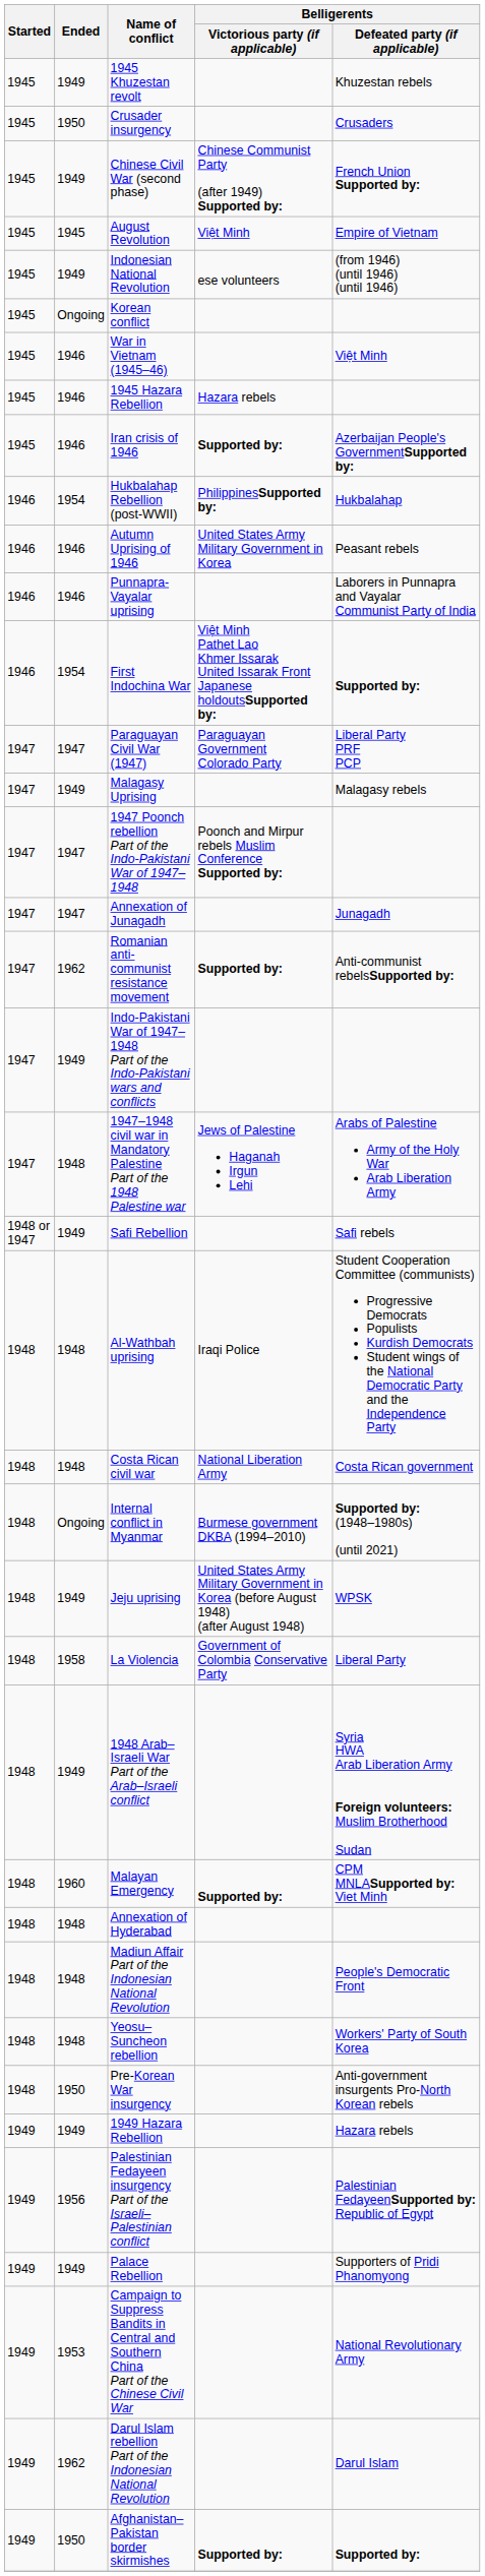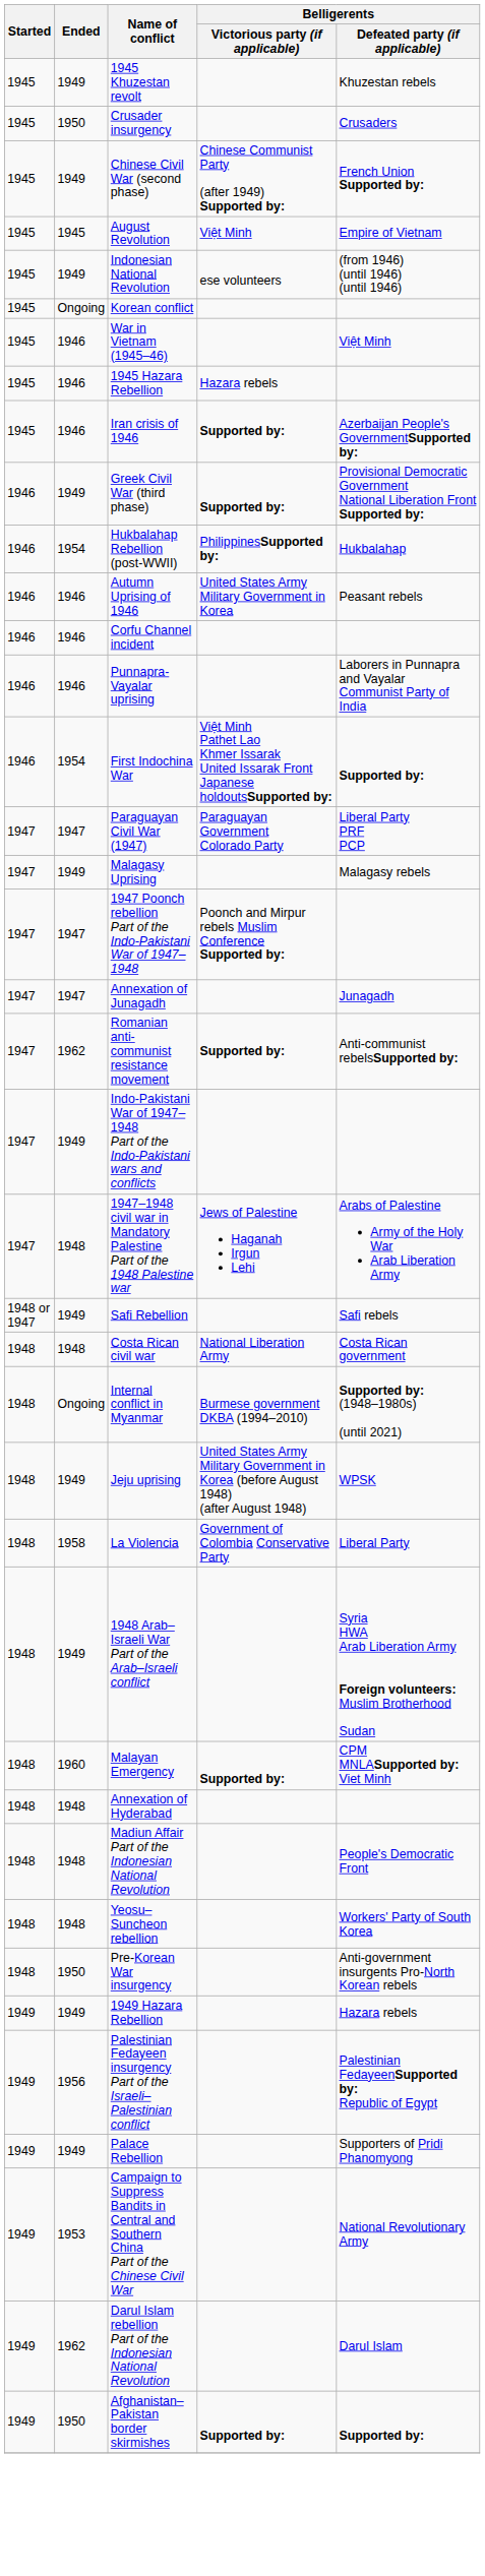 <table class="wikitable">
 <tr>
 <th rowspan="2">Started</th>
 <th rowspan="2">Ended</th>
 <th rowspan="2">Name of conflict</th>
 <th colspan="2">Belligerents</th>
 </tr>
 <tr>
 <th>Victorious party <em>(if applicable)</em></th>
 <th>Defeated party <em>(if applicable)</em></th>
 </tr>
 <tr>
 <td>1945</td>
 <td>1949</td>
 <td><a href='#'>1945 Khuzestan revolt</a></td>
 <td></td>
 <td>Khuzestan rebels</td>
 </tr>
 <tr>
 <td>1945</td>
 <td>1950</td>
 <td><a href='#'>Crusader insurgency</a></td>
 <td></td>
 <td><a href='#'>Crusaders</a></td>
 </tr>
 <tr>
 <td>1945</td>
 <td>1949</td>
 <td><a href='#'>Chinese Civil War</a> (second phase)</td>
 <td> <a href='#'>Chinese Communist Party</a><br><br> (after 1949)<br> <strong>Supported by:</strong><br> </td>
 <td> <a href='#'>French Union</a><br><strong>Supported by:</strong><br></td>
 </tr>
 <tr>
 <td>1945</td>
 <td>1945</td>
 <td><a href='#'>August Revolution</a></td>
 <td> <a href='#'>Việt Minh</a></td>
 <td> <a href='#'>Empire of Vietnam</a><br></td>
 </tr>
 <tr>
 <td>1945</td>
 <td>1949</td>
 <td><a href='#'>Indonesian National Revolution</a></td>
 <td><br>ese volunteers</td>
 <td> (from 1946)<br> (until 1946)<br> (until 1946)</td>
 </tr>
 <tr>
 <td>1945</td>
 <td>Ongoing</td>
 <td><a href='#'>Korean conflict</a></td>
 <td></td>
 <td></td>
 </tr>
 <tr>
 <td>1945</td>
 <td>1946</td>
 <td><a href='#'>War in Vietnam (1945–46)</a></td>
 <td><br><br></td>
 <td> <a href='#'>Việt Minh</a></td>
 </tr>
 <tr>
 <td>1945</td>
 <td>1946</td>
 <td><a href='#'>1945 Hazara Rebellion</a></td>
 <td><a href='#'>Hazara</a> rebels</td>
 <td></td>
 </tr>
 <tr>
 <td>1945</td>
 <td>1946</td>
 <td><a href='#'>Iran crisis of 1946</a></td>
 <td><strong>Supported by:</strong></td>
 <td><br> <a href='#'>Azerbaijan People's Government</a><strong>Supported by:</strong></td>
 </tr>
 <tr>
 <td>1946</td>
+<td>1949</td>
+<td><a href='#'>Greek Civil War</a> (third phase)</td>
+<td><br><br><strong>Supported by:</strong>    </td>
+<td> <a href='#'>Provisional Democratic Government</a><br> <a href='#'>National Liberation Front</a> <strong>Supported by:</strong>     </td>
+</tr>
+<tr>
+<td>1946</td>
 <td>1954</td>
 <td><a href='#'>Hukbalahap Rebellion</a> (post-WWII)</td>
 <td> <a href='#'>Philippines</a><strong>Supported by:</strong></td>
 <td> <a href='#'>Hukbalahap</a></td>
 </tr>
 <tr>
 <td>1946</td>
 <td>1946</td>
 <td><a href='#'>Autumn Uprising of 1946</a></td>
 <td> <a href='#'>United States Army Military Government in Korea</a></td>
 <td>Peasant rebels</td>
+</tr>
+<tr>
+<td>1946</td>
+<td>1946</td>
+<td><a href='#'>Corfu Channel incident</a></td>
+<td></td>
+<td></td>
 </tr>
 <tr>
 <td>1946</td>
 <td>1946</td>
 <td><a href='#'>Punnapra-Vayalar uprising</a></td>
 <td></td>
 <td>Laborers in Punnapra and Vayalar<br> <a href='#'>Communist Party of India</a></td>
 </tr>
 <tr>
 <td>1946</td>
 <td>1954</td>
 <td><br><a href='#'>First Indochina War</a></td>
 <td> <a href='#'>Việt Minh</a><br> <a href='#'>Pathet Lao</a><br> <a href='#'>Khmer Issarak</a><br> <a href='#'>United Issarak Front</a> <a href='#'>Japanese holdouts</a><strong>Supported by:</strong><br></td>
 <td><br><br><strong>Supported by:</strong><br> </td>
 </tr>
 <tr>
 <td>1947</td>
 <td>1947</td>
 <td><a href='#'>Paraguayan Civil War (1947)</a></td>
 <td> <a href='#'>Paraguayan Government</a><br> <a href='#'>Colorado Party</a></td>
 <td> <a href='#'>Liberal Party</a><br> <a href='#'>PRF</a><br> <a href='#'>PCP</a></td>
 </tr>
 <tr>
 <td>1947</td>
 <td>1949</td>
 <td><a href='#'>Malagasy Uprising</a></td>
 <td></td>
 <td>Malagasy rebels</td>
 </tr>
 <tr>
 <td>1947</td>
 <td>1947</td>
 <td><a href='#'>1947 Poonch rebellion</a><br><em>Part of the <a href='#'>Indo-Pakistani War of 1947–1948</a></em></td>
 <td>Poonch and Mirpur rebels <a href='#'>Muslim Conference</a><br><strong>Supported by:</strong><br> </td>
 <td></td>
 </tr>
 <tr>
 <td>1947</td>
 <td>1947</td>
 <td><a href='#'>Annexation of Junagadh</a></td>
 <td></td>
 <td> <a href='#'>Junagadh</a></td>
 </tr>
 <tr>
 <td>1947</td>
 <td>1962</td>
 <td><a href='#'>Romanian anti-communist resistance movement</a></td>
 <td><strong>Supported by:</strong></td>
 <td> Anti-communist rebels<strong>Supported by:</strong><br></td>
 </tr>
 <tr>
 <td>1947</td>
 <td>1949</td>
 <td><a href='#'>Indo-Pakistani War of 1947–1948</a><br><em>Part of the <a href='#'>Indo-Pakistani wars and conflicts</a></em></td>
 <td></td>
 <td></td>
 </tr>
 <tr>
 <td>1947</td>
 <td>1948</td>
 <td><a href='#'>1947–1948 civil war in Mandatory Palestine</a> <br> <em>Part of the <a href='#'>1948 Palestine war</a></em></td>
 <td> <a href='#'>Jews of Palestine</a><br><ul><li><a href='#'>Haganah</a></li><li><a href='#'>Irgun</a></li><li> <a href='#'>Lehi</a></li></ul></td>
 <td> <a href='#'>Arabs of Palestine</a><br><ul><li><a href='#'>Army of the Holy War</a></li><li><a href='#'>Arab Liberation Army</a></li></ul></td>
 </tr>
 <tr>
 <td>1948 or 1947</td>
 <td>1949</td>
 <td><a href='#'>Safi Rebellion</a></td>
 <td></td>
 <td><a href='#'>Safi</a> rebels</td>
-</tr>
-<tr>
-<td>1948</td>
-<td>1948</td>
-<td><a href='#'>Al-Wathbah uprising</a></td>
-<td> Iraqi Police</td>
-<td>Student Cooperation Committee (communists)<br><ul><li>Progressive Democrats</li><li>Populists</li><li><a href='#'>Kurdish Democrats</a></li><li>Student wings of the <a href='#'>National Democratic Party</a> and the <a href='#'>Independence Party</a></li></ul></td>
 </tr>
 <tr>
 <td>1948</td>
 <td>1948</td>
 <td><a href='#'>Costa Rican civil war</a></td>
 <td> <a href='#'>National Liberation Army</a></td>
 <td> <a href='#'>Costa Rican government</a></td>
 </tr>
 <tr>
 <td>1948</td>
 <td>Ongoing</td>
 <td><a href='#'>Internal conflict in Myanmar</a></td>
 <td>   <br><a href='#'>Burmese government</a><br>  <a href='#'>DKBA</a> (1994–2010)</td>
 <td><br><strong>Supported by:</strong><br>  (1948–1980s)<br> <br>  (until 2021)<br> </td>
 </tr>
 <tr>
 <td>1948</td>
 <td>1949</td>
 <td><a href='#'>Jeju uprising</a></td>
 <td> <a href='#'>United States Army Military Government in Korea</a> (before August 1948)<br> (after August 1948)</td>
 <td> <a href='#'>WPSK</a></td>
 </tr>
 <tr>
 <td>1948</td>
 <td>1958</td>
 <td><a href='#'>La Violencia</a></td>
 <td> <a href='#'>Government of Colombia</a> <a href='#'>Conservative Party</a></td>
 <td> <a href='#'>Liberal Party</a></td>
 </tr>
 <tr>
 <td>1948</td>
 <td>1949</td>
 <td><a href='#'>1948 Arab–Israeli War</a> <br> <em>Part of the <a href='#'>Arab–Israeli conflict</a></em></td>
 <td></td>
 <td><br><br><br> <a href='#'>Syria</a><br> <a href='#'>HWA</a><br> <a href='#'>Arab Liberation Army</a><br><br><br><strong>Foreign volunteers:</strong><br> <a href='#'>Muslim Brotherhood</a><br><br>  <a href='#'>Sudan</a></td>
 </tr>
 <tr>
 <td>1948</td>
 <td>1960</td>
 <td><a href='#'>Malayan Emergency</a></td>
 <td><br><br><strong>Supported by:</strong></td>
 <td> <a href='#'>CPM</a><br> <a href='#'>MNLA</a><strong>Supported by:</strong><br>  <a href='#'>Viet Minh</a>   </td>
 </tr>
 <tr>
 <td>1948</td>
 <td>1948</td>
 <td><a href='#'>Annexation of Hyderabad</a></td>
 <td></td>
 <td></td>
 </tr>
 <tr>
 <td>1948</td>
 <td>1948</td>
 <td><a href='#'>Madiun Affair</a> <br> <em>Part of the <a href='#'>Indonesian National Revolution</a></em></td>
 <td></td>
 <td> <a href='#'>People's Democratic Front</a></td>
 </tr>
 <tr>
 <td>1948</td>
 <td>1948</td>
 <td><a href='#'>Yeosu–Suncheon rebellion</a></td>
 <td></td>
 <td> <a href='#'>Workers' Party of South Korea</a></td>
 </tr>
 <tr>
 <td>1948</td>
 <td>1950</td>
 <td>Pre-<a href='#'>Korean War</a> <a href='#'>insurgency</a></td>
 <td></td>
 <td>Anti-government insurgents Pro-<a href='#'>North Korean</a> rebels</td>
 </tr>
 <tr>
 <td>1949</td>
 <td>1949</td>
 <td><a href='#'>1949 Hazara Rebellion</a></td>
 <td></td>
 <td><a href='#'>Hazara</a> rebels</td>
 </tr>
 <tr>
 <td>1949</td>
 <td>1956</td>
 <td><a href='#'>Palestinian Fedayeen insurgency</a> <br> <em>Part of the <a href='#'>Israeli–Palestinian conflict</a></em></td>
 <td></td>
 <td> <a href='#'>Palestinian Fedayeen</a><strong>Supported by:</strong> <br> <a href='#'>Republic of Egypt</a> </td>
 </tr>
 <tr>
 <td>1949</td>
 <td>1949</td>
 <td><a href='#'>Palace Rebellion</a></td>
 <td></td>
 <td>Supporters of <a href='#'>Pridi Phanomyong</a></td>
 </tr>
 <tr>
 <td>1949</td>
 <td>1953</td>
 <td><a href='#'>Campaign to Suppress Bandits in Central and Southern China</a><br><em>Part of the <a href='#'>Chinese Civil War</a></em></td>
 <td></td>
 <td> <a href='#'>National Revolutionary Army</a></td>
 </tr>
 <tr>
 <td>1949</td>
 <td>1962</td>
 <td><a href='#'>Darul Islam rebellion</a> <br> <em>Part of the <a href='#'>Indonesian National Revolution</a></em></td>
 <td><br></td>
 <td> <a href='#'>Darul Islam</a></td>
 </tr>
 <tr>
 <td>1949</td>
 <td>1950</td>
 <td><a href='#'>Afghanistan–Pakistan border skirmishes</a></td>
 <td><br><br><strong>Supported by:</strong><br></td>
 <td><br><br><strong>Supported by:</strong><br></td>
 </tr>
 <tr>
 </tr>
 </table>
